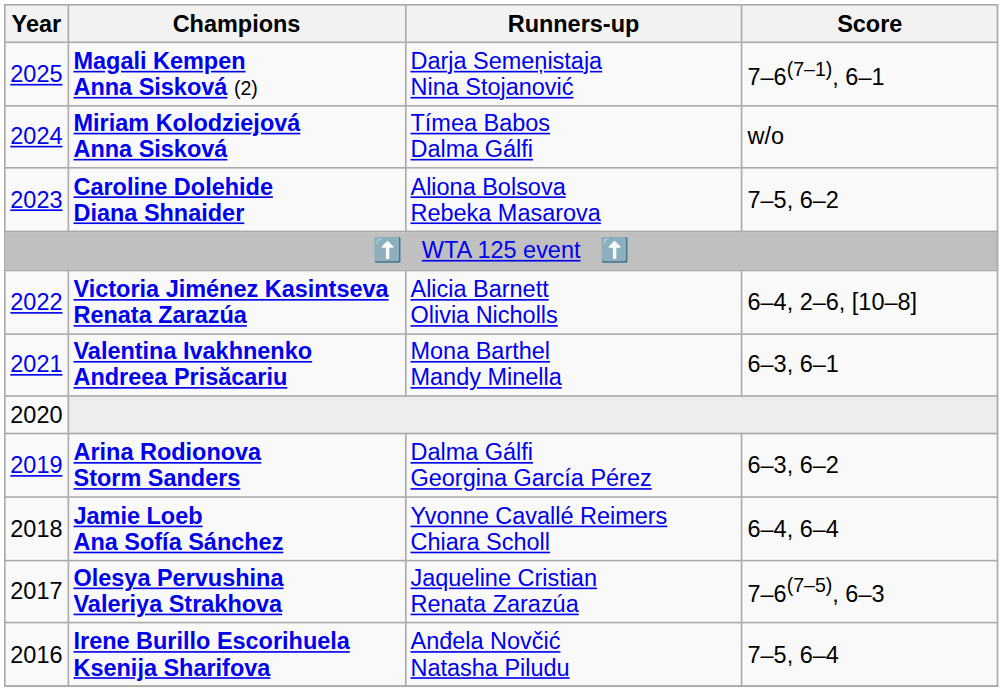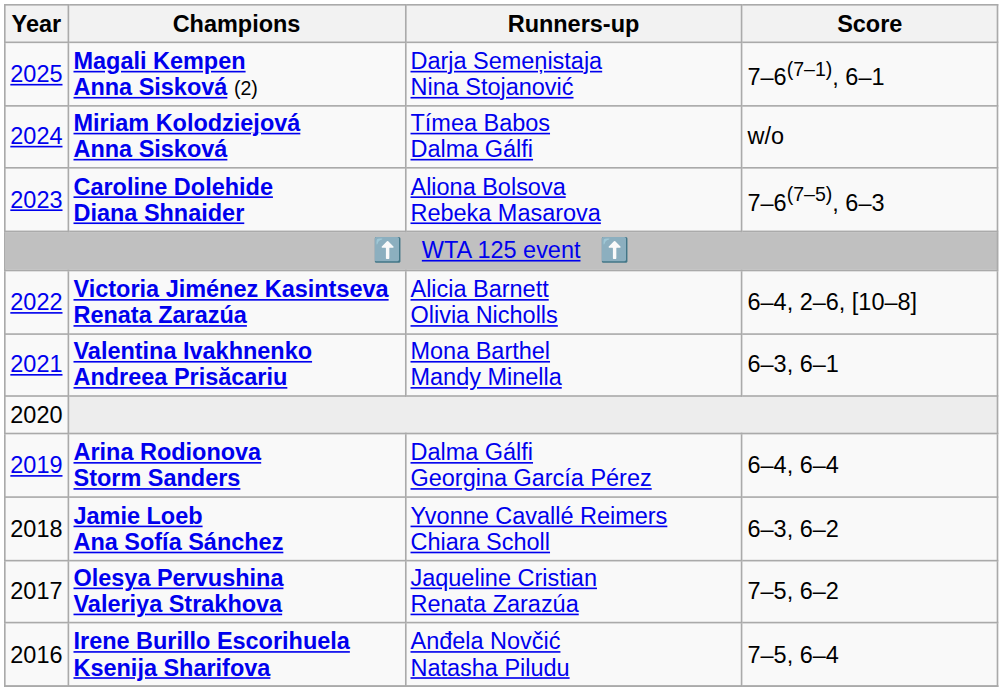 <table class="wikitable" style="font-size:90%">
 <tr>
 <th>Year</th>
 <th width="200">Champions</th>
 <th width="200">Runners-up</th>
 <th width="150">Score</th>
 </tr>
 <tr>
 <td><a href='#'>2025</a></td>
 <td> <strong><a href='#'>Magali Kempen</a></strong> <br>  <strong><a href='#'>Anna Sisková</a></strong> <small>(2)</small></td>
 <td> <a href='#'>Darja Semeņistaja</a> <br>  <a href='#'>Nina Stojanović</a></td>
 <td>7–6<sup>(7–1)</sup>, 6–1</td>
 </tr>
 <tr>
 <td><a href='#'>2024</a></td>
 <td> <strong><a href='#'>Miriam Kolodziejová</a></strong> <br>  <strong><a href='#'>Anna Sisková</a></strong></td>
 <td> <a href='#'>Tímea Babos</a> <br>  <a href='#'>Dalma Gálfi</a></td>
 <td>w/o</td>
 </tr>
 <tr>
 <td><a href='#'>2023</a></td>
 <td> <strong><a href='#'>Caroline Dolehide</a></strong> <br>  <strong><a href='#'>Diana Shnaider</a></strong></td>
 <td> <a href='#'>Aliona Bolsova</a> <br>  <a href='#'>Rebeka Masarova</a></td>
-<td>7–5, 6–2</td>
+<td>7–6<sup>(7–5)</sup>, 6–3</td>
 </tr>
 <tr>
 <td colspan="4" align="center" bgcolor=silver>⬆️   <a href='#'>WTA 125 event</a>   ⬆️</td>
 </tr>
 <tr>
 <td><a href='#'>2022</a></td>
 <td> <strong><a href='#'>Victoria Jiménez Kasintseva</a></strong> <br>  <strong><a href='#'>Renata Zarazúa</a></strong></td>
 <td> <a href='#'>Alicia Barnett</a> <br>  <a href='#'>Olivia Nicholls</a></td>
 <td>6–4, 2–6, [10–8]</td>
 </tr>
 <tr>
 <td><a href='#'>2021</a></td>
 <td> <strong><a href='#'>Valentina Ivakhnenko</a></strong> <br>  <strong><a href='#'>Andreea Prisăcariu</a></strong></td>
 <td> <a href='#'>Mona Barthel</a> <br>  <a href='#'>Mandy Minella</a></td>
 <td>6–3, 6–1</td>
 </tr>
 <tr>
 <td>2020</td>
 <td colspan=3 bgcolor="#ededed"></td>
 </tr>
 <tr>
 <td><a href='#'>2019</a></td>
 <td> <strong><a href='#'>Arina Rodionova</a></strong> <br>  <strong><a href='#'>Storm Sanders</a></strong></td>
 <td> <a href='#'>Dalma Gálfi</a> <br>  <a href='#'>Georgina García Pérez</a></td>
-<td>6–3, 6–2</td>
+<td>6–4, 6–4</td>
 </tr>
 <tr>
 <td>2018</td>
 <td> <strong><a href='#'>Jamie Loeb</a></strong> <br>  <strong><a href='#'>Ana Sofía Sánchez</a></strong></td>
 <td> <a href='#'>Yvonne Cavallé Reimers</a> <br>  <a href='#'>Chiara Scholl</a></td>
-<td>6–4, 6–4</td>
+<td>6–3, 6–2</td>
 </tr>
 <tr>
 <td>2017</td>
 <td> <strong><a href='#'>Olesya Pervushina</a></strong> <br>  <strong><a href='#'>Valeriya Strakhova</a></strong></td>
 <td> <a href='#'>Jaqueline Cristian</a> <br>  <a href='#'>Renata Zarazúa</a></td>
-<td>7–6<sup>(7–5)</sup>, 6–3</td>
+<td>7–5, 6–2</td>
 </tr>
 <tr>
 <td>2016</td>
 <td> <strong><a href='#'>Irene Burillo Escorihuela</a></strong> <br>  <strong><a href='#'>Ksenija Sharifova</a></strong></td>
 <td> <a href='#'>Anđela Novčić</a> <br>  <a href='#'>Natasha Piludu</a></td>
 <td>7–5, 6–4</td>
 </tr>
 <tr>
 </tr>
 </table>
